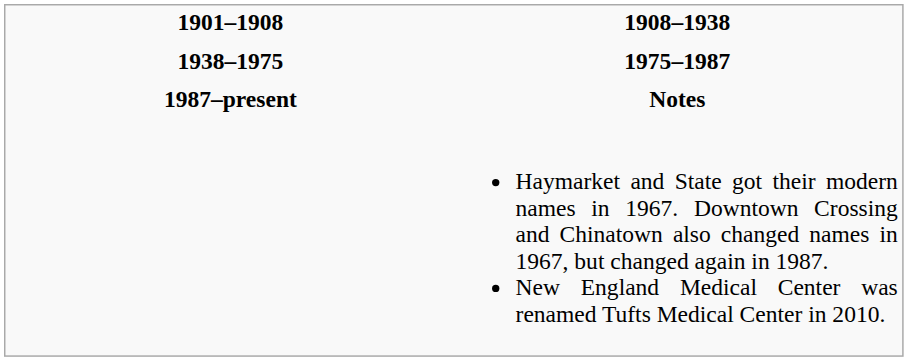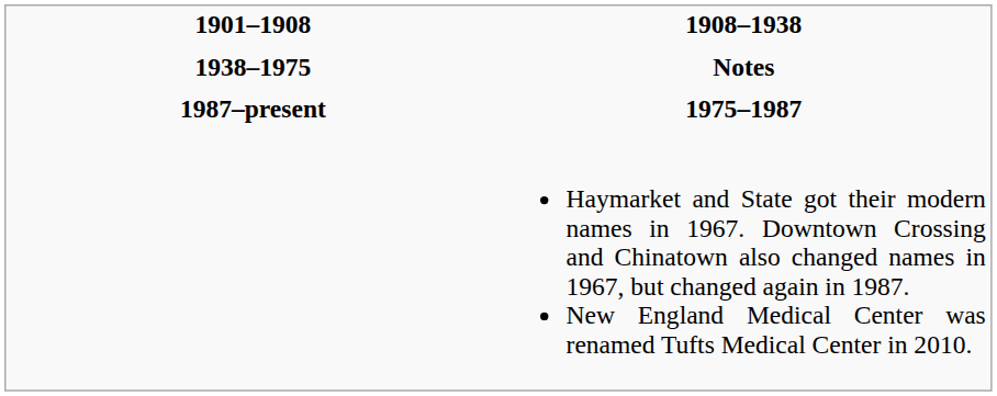 <table style="border:1px solid darkgrey;background:#f9f9f9">
 <tr style="text-align:center;">
 <td width=300><strong>1901–1908</strong></td>
 <td width=300><strong>1908–1938</strong></td>
 </tr>
 <tr style="text-align:center;">
 <td></td>
 <td></td>
 </tr>
 <tr style="text-align:center;">
 <td width=300><strong>1938–1975</strong></td>
-<td width=300><strong>1975–1987</strong></td>
+<td><strong>Notes</strong></td>
 </tr>
 <tr style="text-align:center;">
 <td width=300></td>
 <td width=300></td>
 </tr>
 <tr style="text-align:center;">
 <td><strong>1987–present</strong></td>
-<td><strong>Notes</strong></td>
+<td width=300><strong>1975–1987</strong></td>
 </tr>
 <tr style="text-align:justify;">
 <td width=300></td>
 <td valign="top"><br><ul><li>Haymarket and State got their modern names in 1967. Downtown Crossing and Chinatown also changed names in 1967, but changed again in 1987.</li><li>New England Medical Center was renamed Tufts Medical Center in 2010.</li></ul></td>
 </tr>
 </table>
